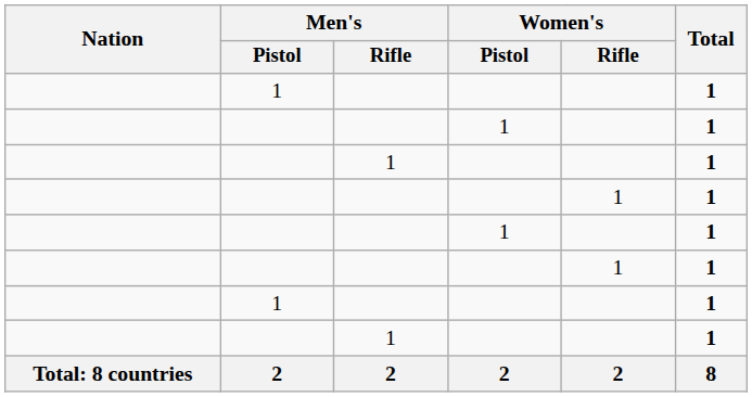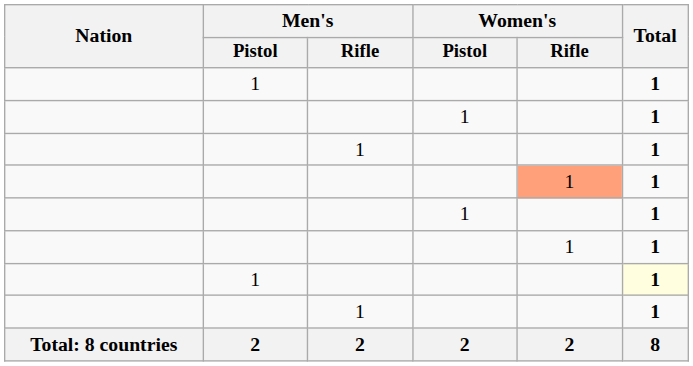 <table class="wikitable" width=500 style="text-align:center; font-size:90%">
 <tr>
 <th rowspan="2" align="left">Nation</th>
 <th colspan="2">Men's</th>
 <th colspan="2">Women's</th>
 <th rowspan="2">Total</th>
 </tr>
 <tr style="font-size:95%">
 <th width=70>Pistol</th>
 <th width=70>Rifle</th>
 <th width=70>Pistol</th>
 <th width=70>Rifle</th>
 </tr>
 <tr>
 <td align=left></td>
 <td>1</td>
 <td></td>
 <td></td>
 <td></td>
 <td><strong>1</strong></td>
 </tr>
 <tr>
 <td align=left></td>
 <td></td>
 <td></td>
 <td>1</td>
 <td></td>
 <td><strong>1</strong></td>
 </tr>
 <tr>
 <td align=left></td>
 <td></td>
 <td>1</td>
 <td></td>
 <td></td>
 <td><strong>1</strong></td>
 </tr>
 <tr>
 <td align=left></td>
 <td></td>
 <td></td>
 <td></td>
-<td>1</td>
+<td style="background: lightsalmon;">1</td>
 <td><strong>1</strong></td>
 </tr>
 <tr>
 <td align=left></td>
 <td></td>
 <td></td>
 <td>1</td>
 <td></td>
 <td><strong>1</strong></td>
 </tr>
 <tr>
 <td align=left></td>
 <td></td>
 <td></td>
 <td></td>
 <td>1</td>
 <td><strong>1</strong></td>
 </tr>
 <tr>
 <td align=left></td>
 <td>1</td>
 <td></td>
 <td></td>
 <td></td>
-<td><strong>1</strong></td>
+<td style="background: lightyellow;"><strong>1</strong></td>
 </tr>
 <tr>
 <td align=left></td>
 <td></td>
 <td>1</td>
 <td></td>
 <td></td>
 <td><strong>1</strong></td>
 </tr>
 <tr>
 <th>Total: 8 countries</th>
 <th>2</th>
 <th>2</th>
 <th>2</th>
 <th>2</th>
 <th>8</th>
 </tr>
 </table>
